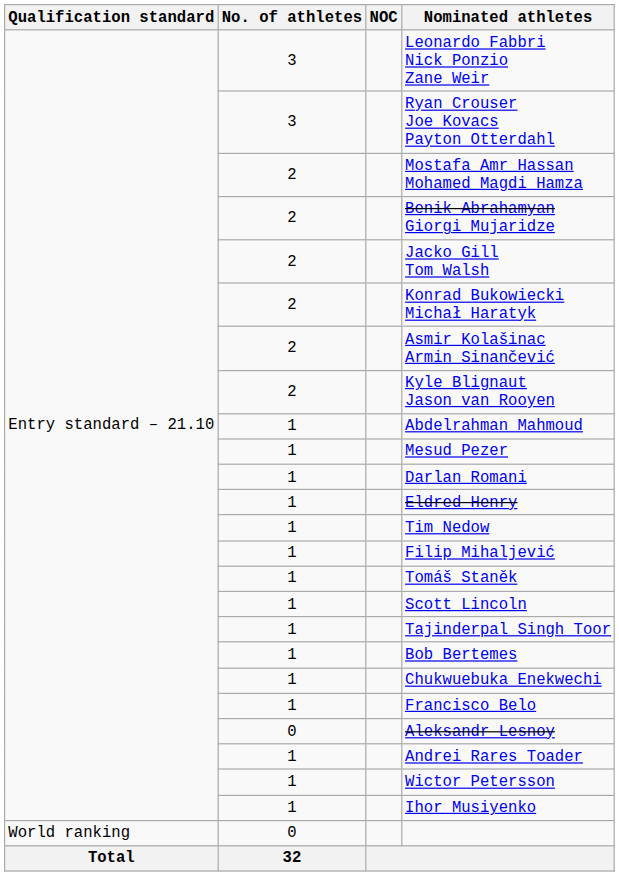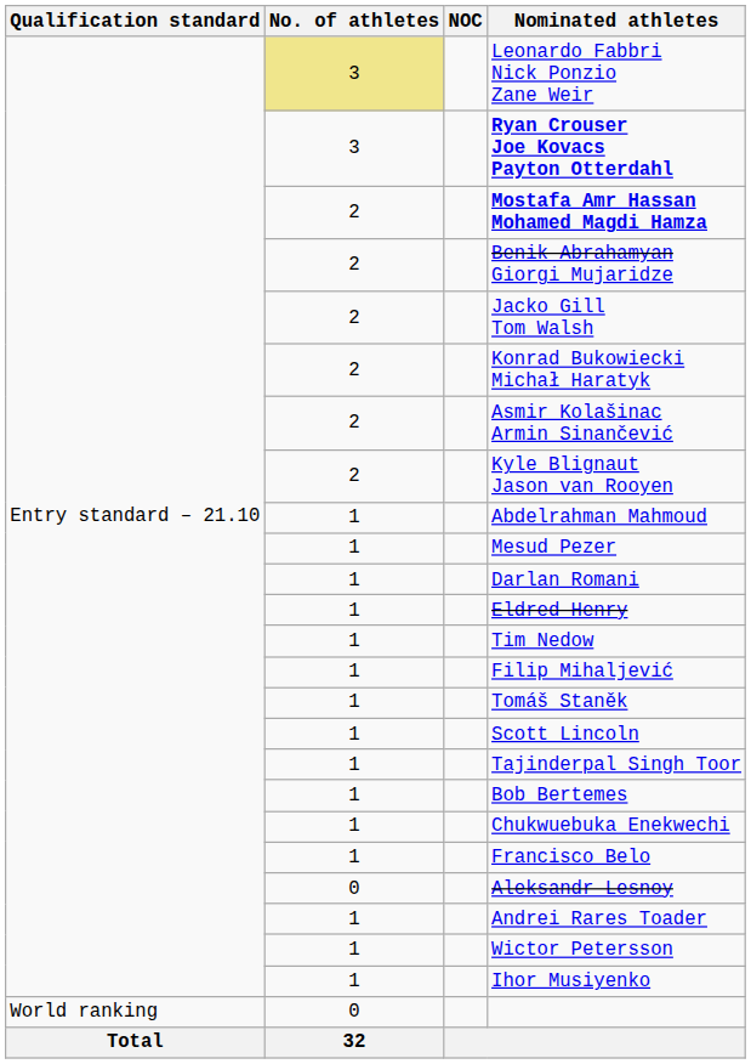 <table class="wikitable" style="text-align:left;">
 <tr>
 <th>Qualification standard</th>
 <th>No. of athletes</th>
 <th>NOC</th>
 <th>Nominated athletes</th>
 </tr>
 <tr>
 <td rowspan=24>Entry standard – 21.10</td>
-<td align=center>3</td>
+<td align=center style="background: khaki;">3</td>
 <td></td>
 <td><a href='#'>Leonardo Fabbri</a> <br> <a href='#'>Nick Ponzio</a> <br> <a href='#'>Zane Weir</a></td>
 </tr>
 <tr>
 <td align=center>3</td>
 <td></td>
-<td><a href='#'>Ryan Crouser</a><br><a href='#'>Joe Kovacs</a><br><a href='#'>Payton Otterdahl</a></td>
+<td><strong><a href='#'>Ryan Crouser</a><br><a href='#'>Joe Kovacs</a><br><a href='#'>Payton Otterdahl</a></strong></td>
 </tr>
 <tr>
 <td align=center>2</td>
 <td></td>
-<td><a href='#'>Mostafa Amr Hassan</a> <br> <a href='#'>Mohamed Magdi Hamza</a></td>
+<td><strong><a href='#'>Mostafa Amr Hassan</a> <br> <a href='#'>Mohamed Magdi Hamza</a></strong></td>
 </tr>
 <tr>
 <td align=center>2</td>
 <td></td>
 <td><s><a href='#'>Benik Abrahamyan</a></s><br><a href='#'>Giorgi Mujaridze</a></td>
 </tr>
 <tr>
 <td align=center>2</td>
 <td></td>
 <td><a href='#'>Jacko Gill</a><br><a href='#'>Tom Walsh</a></td>
 </tr>
 <tr>
 <td align=center>2</td>
 <td></td>
 <td><a href='#'>Konrad Bukowiecki</a><br><a href='#'>Michał Haratyk</a></td>
 </tr>
 <tr>
 <td align=center>2</td>
 <td></td>
 <td><a href='#'>Asmir Kolašinac</a><br><a href='#'>Armin Sinančević</a></td>
 </tr>
 <tr>
 <td align=center>2</td>
 <td></td>
 <td><a href='#'>Kyle Blignaut</a><br><a href='#'>Jason van Rooyen</a></td>
 </tr>
 <tr>
 <td align=center>1</td>
 <td></td>
 <td><a href='#'>Abdelrahman Mahmoud</a></td>
 </tr>
 <tr>
 <td align=center>1</td>
 <td></td>
 <td><a href='#'>Mesud Pezer</a></td>
 </tr>
 <tr>
 <td align=center>1</td>
 <td></td>
 <td><a href='#'>Darlan Romani</a></td>
 </tr>
 <tr>
 <td align=center>1</td>
 <td></td>
 <td><s><a href='#'>Eldred Henry</a></s></td>
 </tr>
 <tr>
 <td align=center>1</td>
 <td></td>
 <td><a href='#'>Tim Nedow</a></td>
 </tr>
 <tr>
 <td align=center>1</td>
 <td></td>
 <td><a href='#'>Filip Mihaljević</a></td>
 </tr>
 <tr>
 <td align=center>1</td>
 <td></td>
 <td><a href='#'>Tomáš Staněk</a></td>
 </tr>
 <tr>
 <td align=center>1</td>
 <td></td>
 <td><a href='#'>Scott Lincoln</a></td>
 </tr>
 <tr>
 <td align=center>1</td>
 <td></td>
 <td><a href='#'>Tajinderpal Singh Toor</a></td>
 </tr>
 <tr>
 <td align=center>1</td>
 <td></td>
 <td><a href='#'>Bob Bertemes</a></td>
 </tr>
 <tr>
 <td align=center>1</td>
 <td></td>
 <td><a href='#'>Chukwuebuka Enekwechi</a></td>
 </tr>
 <tr>
 <td align=center>1</td>
 <td></td>
 <td><a href='#'>Francisco Belo</a></td>
 </tr>
 <tr>
 <td align=center>0</td>
 <td></td>
 <td><s><a href='#'>Aleksandr Lesnoy</a></s></td>
 </tr>
 <tr>
 <td align=center>1</td>
 <td></td>
 <td><a href='#'>Andrei Rares Toader</a></td>
 </tr>
 <tr>
 <td align=center>1</td>
 <td></td>
 <td><a href='#'>Wictor Petersson</a></td>
 </tr>
 <tr>
 <td align=center>1</td>
 <td></td>
 <td><a href='#'>Ihor Musiyenko</a></td>
 </tr>
 <tr>
 <td>World ranking</td>
 <td align=center>0</td>
 <td></td>
 <td></td>
 </tr>
 <tr>
 <th>Total</th>
 <th>32</th>
 <th colspan=2></th>
 </tr>
 </table>
